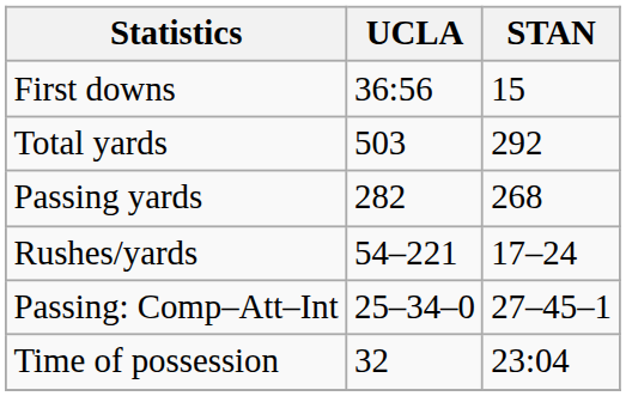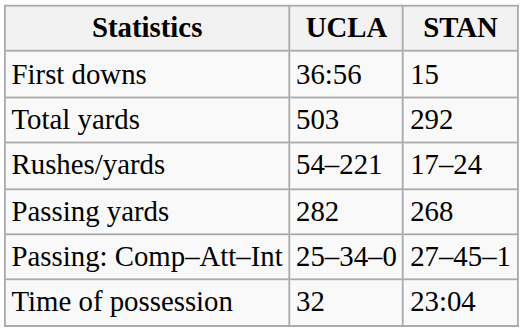 <table class="wikitable" style="float: left;">
 <tr>
 <th>Statistics</th>
 <th>UCLA</th>
 <th>STAN</th>
 </tr>
 <tr>
 <td>First downs</td>
 <td>36:56</td>
 <td>15</td>
 </tr>
 <tr>
 <td>Total yards</td>
 <td>503</td>
 <td>292</td>
 </tr>
 <tr>
+<td>Rushes/yards</td>
+<td>54–221</td>
+<td>17–24</td>
+</tr>
+<tr>
 <td>Passing yards</td>
 <td>282</td>
 <td>268</td>
-</tr>
-<tr>
-<td>Rushes/yards</td>
-<td>54–221</td>
-<td>17–24</td>
 </tr>
 <tr>
 <td>Passing: Comp–Att–Int</td>
 <td>25–34–0</td>
 <td>27–45–1</td>
 </tr>
 <tr>
 <td>Time of possession</td>
 <td>32</td>
 <td>23:04</td>
 </tr>
 <tr>
 </tr>
 </table>
